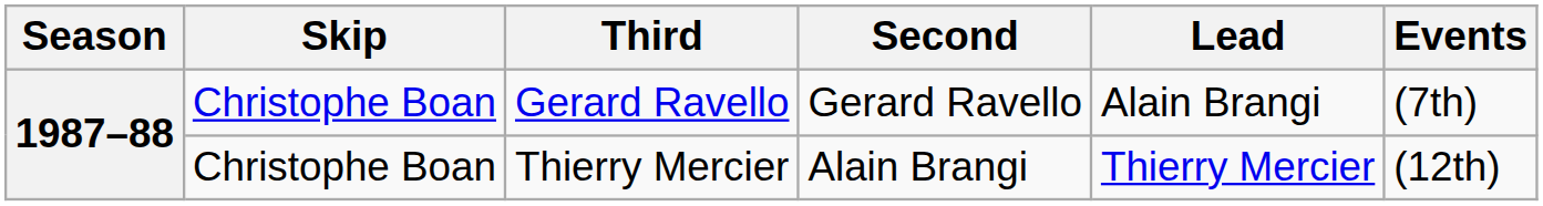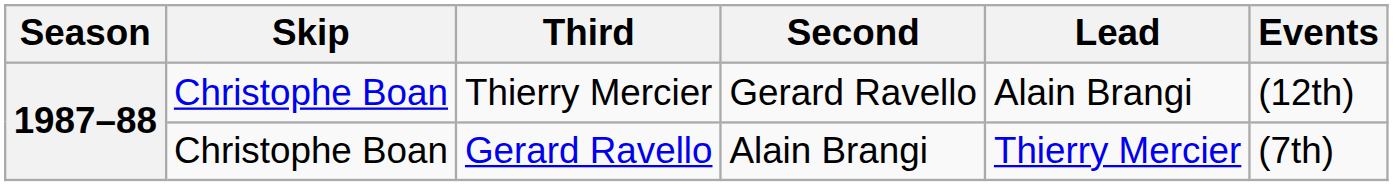 <table class="wikitable">
 <tr>
 <th scope="col">Season</th>
 <th scope="col">Skip</th>
 <th scope="col">Third</th>
 <th scope="col">Second</th>
 <th scope="col">Lead</th>
 <th scope="col">Events</th>
 </tr>
 <tr>
 <th scope="row" rowspan=2>1987–88</th>
 <td><a href='#'>Christophe Boan</a></td>
-<td><a href='#'>Gerard Ravello</a></td>
+<td>Thierry Mercier</td>
 <td>Gerard Ravello</td>
 <td>Alain Brangi</td>
-<td> (7th)</td>
+<td> (12th)</td>
 </tr>
 <tr>
 <td>Christophe Boan</td>
-<td>Thierry Mercier</td>
+<td><a href='#'>Gerard Ravello</a></td>
 <td>Alain Brangi</td>
 <td><a href='#'>Thierry Mercier</a></td>
-<td> (12th)</td>
+<td> (7th)</td>
 </tr>
 </table>
